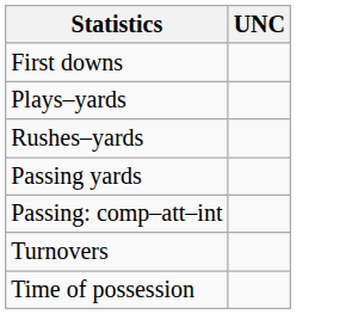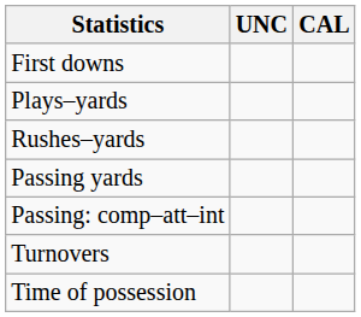 <table class="wikitable" style="float:left">
 <tr>
 <th>Statistics</th>
 <th>UNC</th>
+<th>CAL</th>
 </tr>
 <tr>
 <td>First downs</td>
+<td></td>
 <td></td>
 </tr>
 <tr>
 <td>Plays–yards</td>
 <td></td>
+<td></td>
 </tr>
 <tr>
 <td>Rushes–yards</td>
+<td></td>
 <td></td>
 </tr>
 <tr>
 <td>Passing yards</td>
 <td></td>
+<td></td>
 </tr>
 <tr>
 <td>Passing: comp–att–int</td>
+<td></td>
 <td></td>
 </tr>
 <tr>
 <td>Turnovers</td>
 <td></td>
+<td></td>
 </tr>
 <tr>
 <td>Time of possession</td>
 <td></td>
+<td></td>
 </tr>
 </table>
